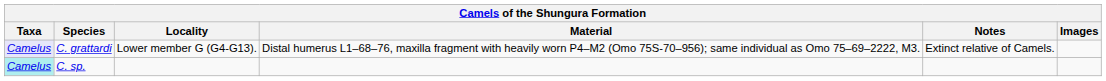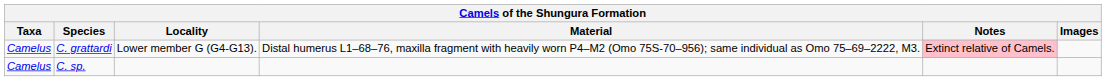 <table class="wikitable" align="center">
 <tr>
 <th colspan="6" align="center"><strong><a href='#'>Camels</a></strong> of the Shungura Formation</th>
 </tr>
 <tr>
 <th>Taxa</th>
 <th>Species</th>
 <th>Locality</th>
 <th>Material</th>
 <th>Notes</th>
 <th>Images</th>
 </tr>
 <tr>
-<td style="background: lavender;"><em><a href='#'>Camelus</a></em></td>
+<td><em><a href='#'>Camelus</a></em></td>
 <td><em><a href='#'>C. grattardi</a></em></td>
 <td>Lower member G (G4-G13).</td>
 <td>Distal humerus L1–68–76,  maxilla fragment with heavily worn P4–M2 (Omo 75S-70–956); same individual as Omo 75–69–2222, M3.</td>
-<td>Extinct relative of Camels.</td>
+<td style="background: pink;">Extinct relative of Camels.</td>
 <td></td>
 </tr>
 <tr>
-<td style="background: paleturquoise;"><em><a href='#'>Camelus</a></em></td>
+<td><em><a href='#'>Camelus</a></em></td>
 <td><em><a href='#'>C. sp.</a></em></td>
 <td></td>
 <td></td>
 <td></td>
 <td></td>
 </tr>
 </table>
